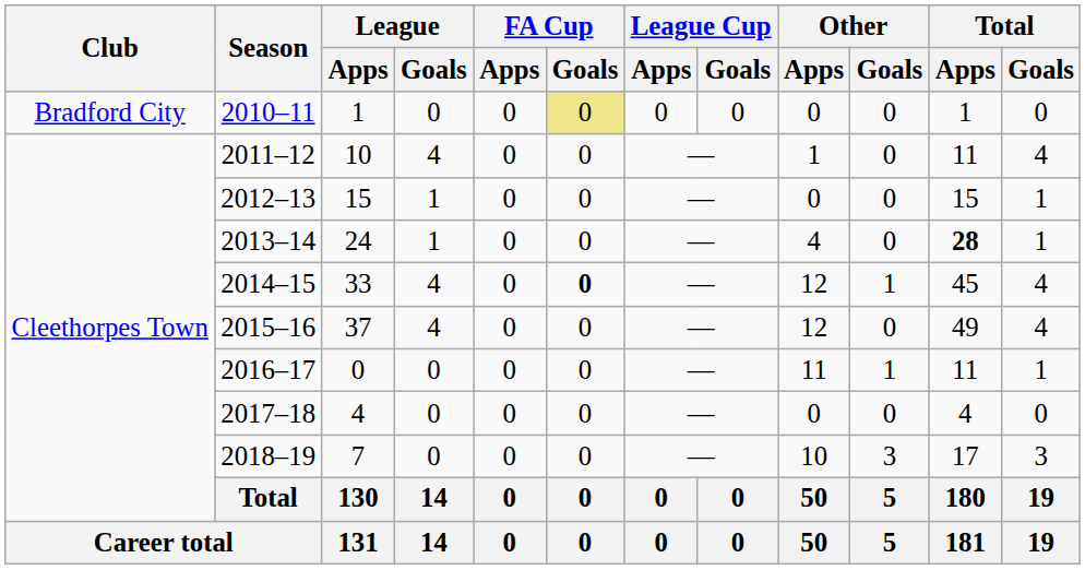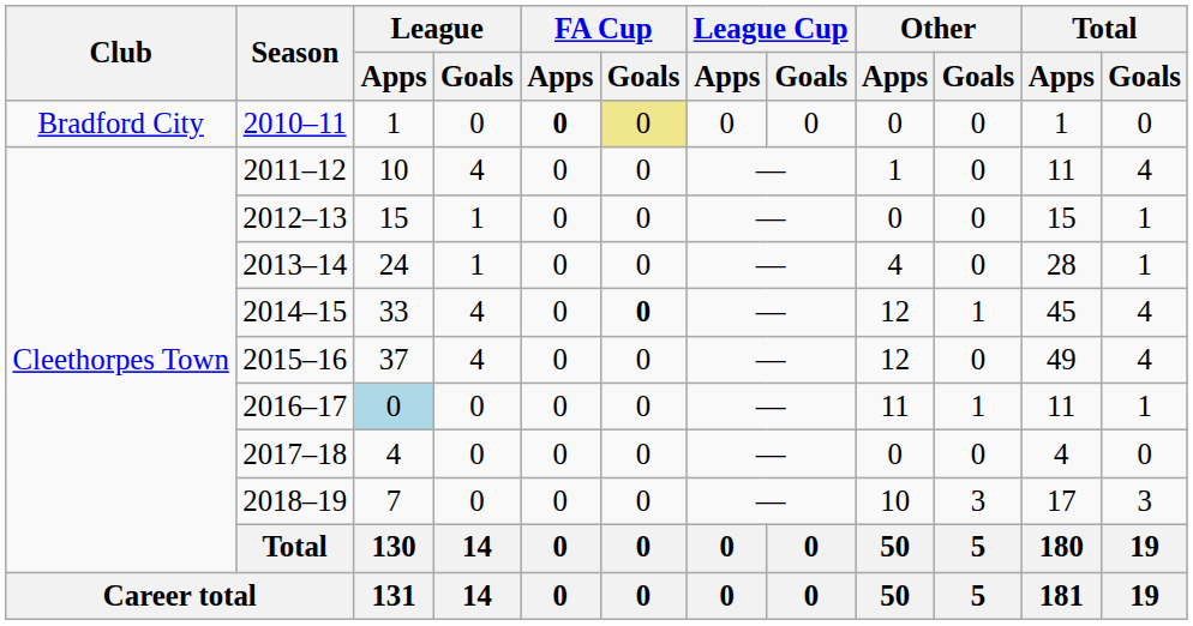 <table class="wikitable" style="text-align: center">
 <tr>
 <th rowspan="2">Club</th>
 <th rowspan="2">Season</th>
 <th colspan="2">League</th>
 <th colspan="2"><a href='#'>FA Cup</a></th>
 <th colspan="2"><a href='#'>League Cup</a></th>
 <th colspan="2">Other</th>
 <th colspan="2">Total</th>
 </tr>
 <tr>
 <th>Apps</th>
 <th>Goals</th>
 <th>Apps</th>
 <th>Goals</th>
 <th>Apps</th>
 <th>Goals</th>
 <th>Apps</th>
 <th>Goals</th>
 <th>Apps</th>
 <th>Goals</th>
 </tr>
 <tr>
 <td rowspan="1"><a href='#'>Bradford City</a></td>
 <td><a href='#'>2010–11</a></td>
 <td>1</td>
 <td>0</td>
-<td>0</td>
+<td><strong>0</strong></td>
 <td style="background: khaki;">0</td>
 <td>0</td>
 <td>0</td>
 <td>0</td>
 <td>0</td>
 <td>1</td>
 <td>0</td>
 </tr>
 <tr>
 <td rowspan="9"><a href='#'>Cleethorpes Town</a></td>
 <td>2011–12</td>
 <td>10</td>
 <td>4</td>
 <td>0</td>
 <td>0</td>
 <td colspan="2">—</td>
 <td>1</td>
 <td>0</td>
 <td>11</td>
 <td>4</td>
 </tr>
 <tr>
 <td>2012–13</td>
 <td>15</td>
 <td>1</td>
 <td>0</td>
 <td>0</td>
 <td colspan="2">—</td>
 <td>0</td>
 <td>0</td>
 <td>15</td>
 <td>1</td>
 </tr>
 <tr>
 <td>2013–14</td>
 <td>24</td>
 <td>1</td>
 <td>0</td>
 <td>0</td>
 <td colspan="2">—</td>
 <td>4</td>
 <td>0</td>
-<td><strong>28</strong></td>
+<td>28</td>
 <td>1</td>
 </tr>
 <tr>
 <td>2014–15</td>
 <td>33</td>
 <td>4</td>
 <td>0</td>
 <td><strong>0</strong></td>
 <td colspan="2">—</td>
 <td>12</td>
 <td>1</td>
 <td>45</td>
 <td>4</td>
 </tr>
 <tr>
 <td>2015–16</td>
 <td>37</td>
 <td>4</td>
 <td>0</td>
 <td>0</td>
 <td colspan="2">—</td>
 <td>12</td>
 <td>0</td>
 <td>49</td>
 <td>4</td>
 </tr>
 <tr>
 <td>2016–17</td>
-<td>0</td>
+<td style="background: lightblue;">0</td>
 <td>0</td>
 <td>0</td>
 <td>0</td>
 <td colspan="2">—</td>
 <td>11</td>
 <td>1</td>
 <td>11</td>
 <td>1</td>
 </tr>
 <tr>
 <td>2017–18</td>
 <td>4</td>
 <td>0</td>
 <td>0</td>
 <td>0</td>
 <td colspan="2">—</td>
 <td>0</td>
 <td>0</td>
 <td>4</td>
 <td>0</td>
 </tr>
 <tr>
 <td>2018–19</td>
 <td>7</td>
 <td>0</td>
 <td>0</td>
 <td>0</td>
 <td colspan="2">—</td>
 <td>10</td>
 <td>3</td>
 <td>17</td>
 <td>3</td>
 </tr>
 <tr>
 <th colspan="1">Total</th>
 <th>130</th>
 <th>14</th>
 <th>0</th>
 <th>0</th>
 <th>0</th>
 <th>0</th>
 <th>50</th>
 <th>5</th>
 <th>180</th>
 <th>19</th>
 </tr>
 <tr>
 <th colspan="2">Career total</th>
 <th>131</th>
 <th>14</th>
 <th>0</th>
 <th>0</th>
 <th>0</th>
 <th>0</th>
 <th>50</th>
 <th>5</th>
 <th>181</th>
 <th>19</th>
 </tr>
 </table>
